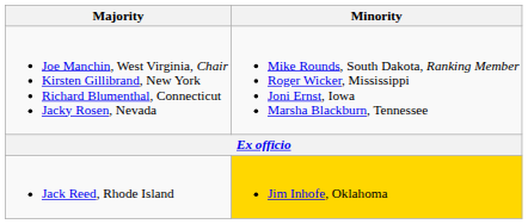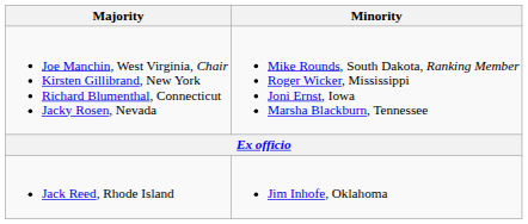 <table class=wikitable>
 <tr>
 <th>Majority</th>
 <th>Minority</th>
 </tr>
 <tr>
 <td><br><ul><li><a href='#'>Joe Manchin</a>, West Virginia, <em>Chair</em></li><li><a href='#'>Kirsten Gillibrand</a>, New York</li><li><a href='#'>Richard Blumenthal</a>, Connecticut</li><li><a href='#'>Jacky Rosen</a>, Nevada</li></ul></td>
 <td><br><ul><li><a href='#'>Mike Rounds</a>, South Dakota, <em>Ranking Member</em></li><li><a href='#'>Roger Wicker</a>, Mississippi</li><li><a href='#'>Joni Ernst</a>, Iowa</li><li><a href='#'>Marsha Blackburn</a>, Tennessee</li></ul></td>
 </tr>
 <tr>
 <th colspan=2><em><a href='#'>Ex officio</a></em></th>
 </tr>
 <tr>
 <td><br><ul><li><a href='#'>Jack Reed</a>, Rhode Island</li></ul></td>
-<td style="background: gold;"><br><ul><li><a href='#'>Jim Inhofe</a>, Oklahoma</li></ul></td>
+<td><br><ul><li><a href='#'>Jim Inhofe</a>, Oklahoma</li></ul></td>
 </tr>
 </table>
